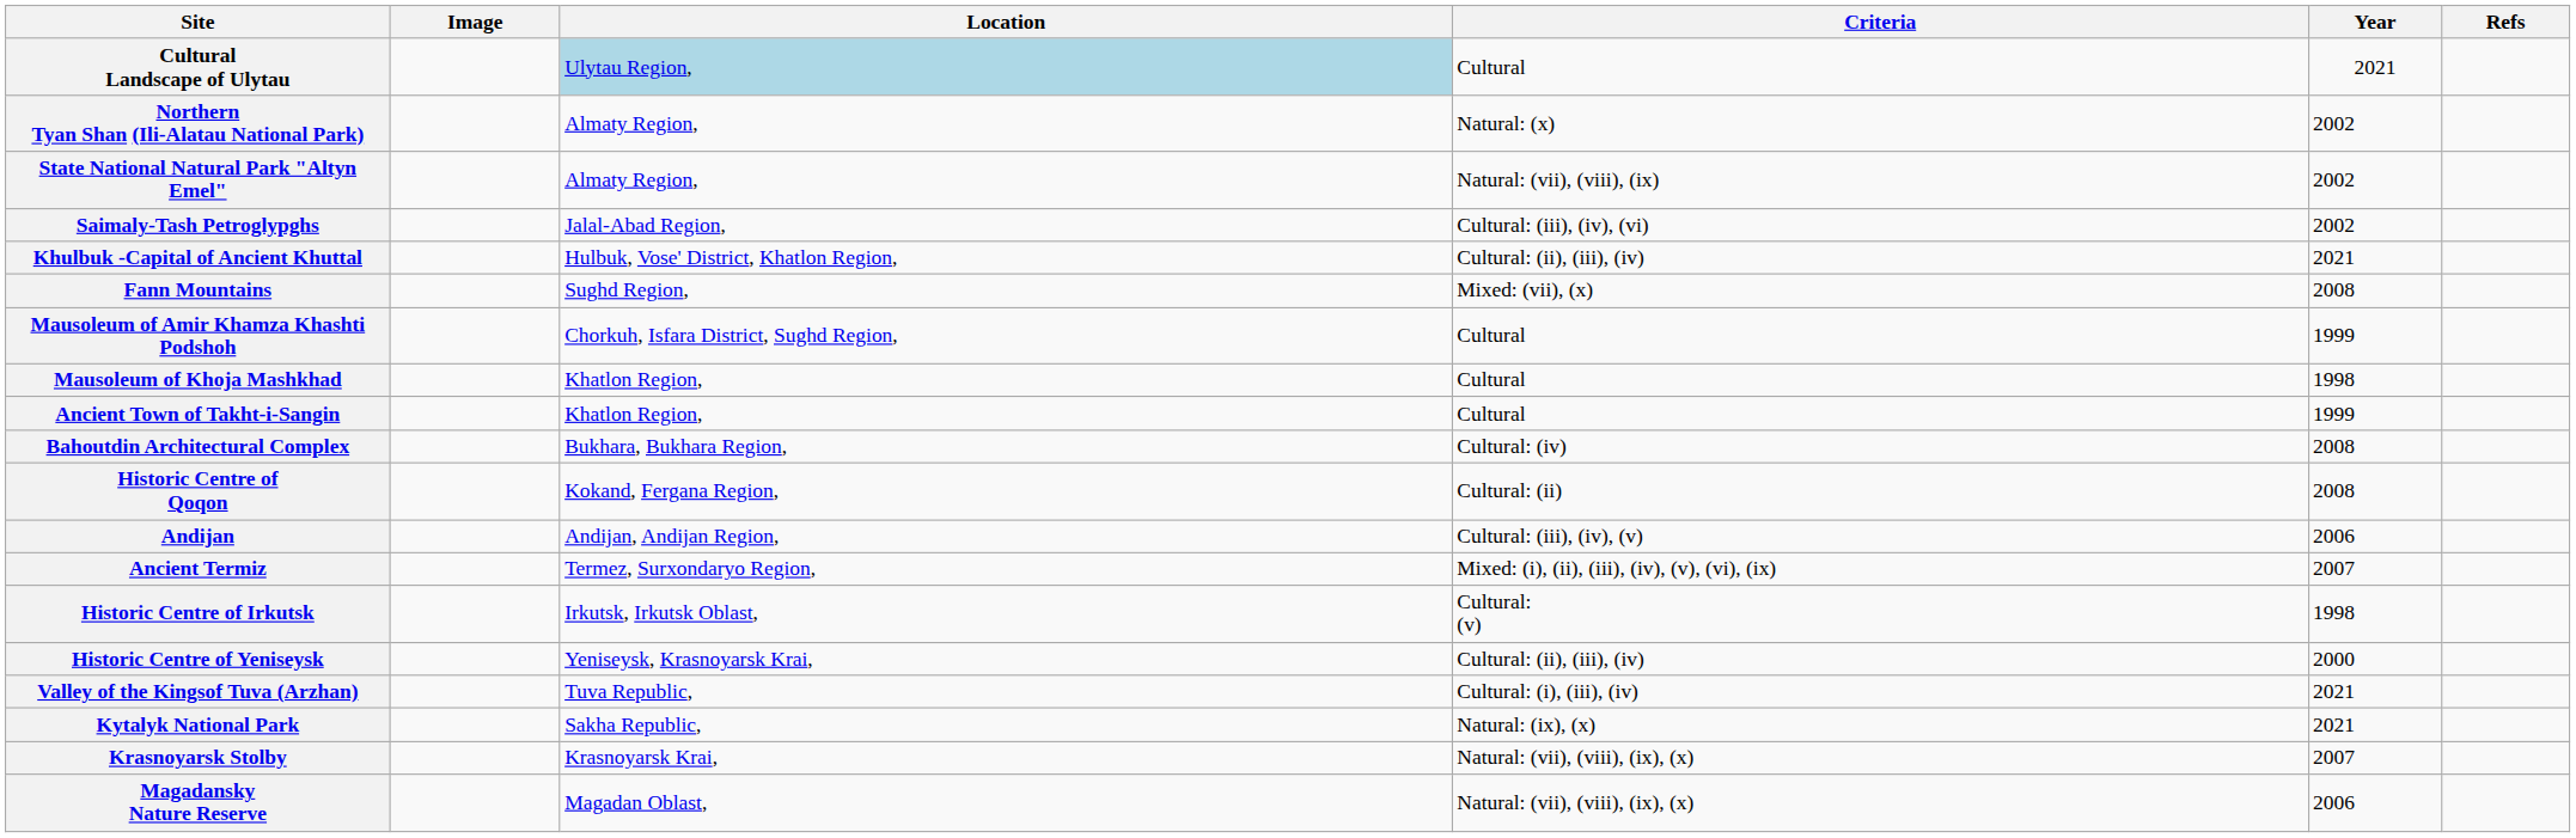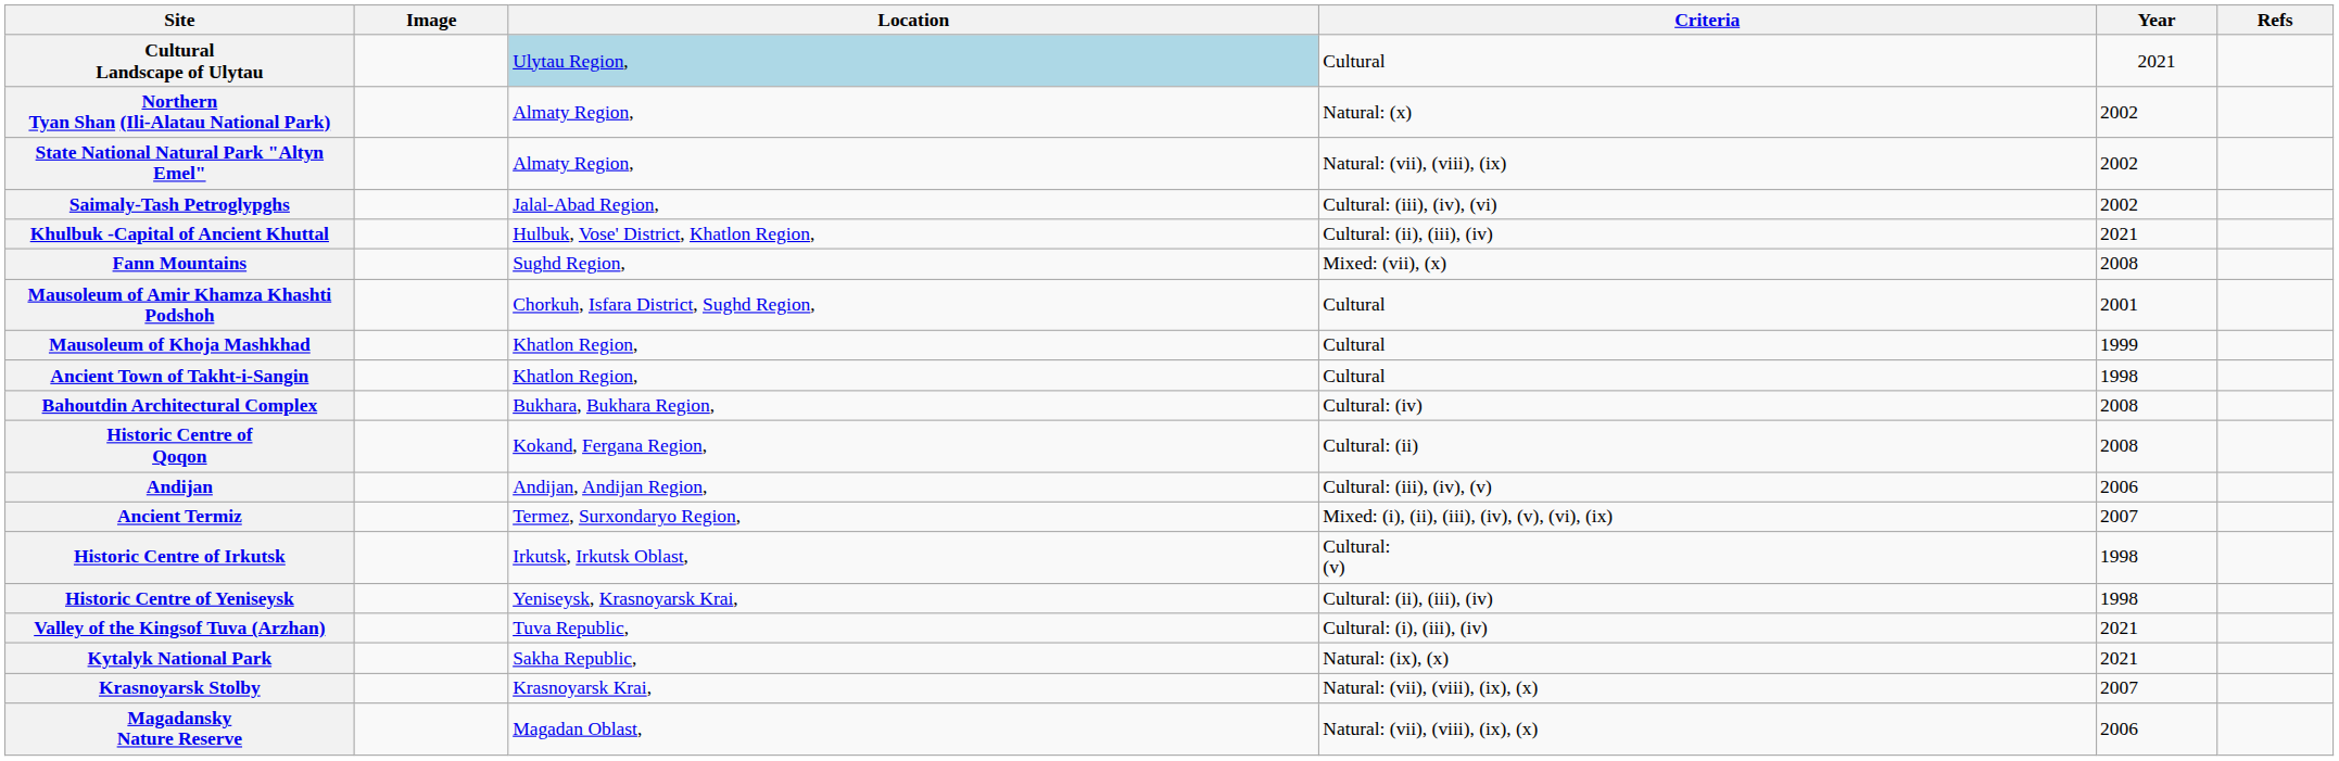 <table class="wikitable sortable plainrowheaders">
 <tr>
 <th style="width:15%;" scope="col">Site</th>
 <th class="unsortable" scope="col">Image</th>
 <th scope="col">Location</th>
 <th scope="col"><a href='#'>Criteria</a></th>
 <th scope="col">Year</th>
 <th scope="col" class="unsortable">Refs</th>
 </tr>
 <tr>
 <th scope="row">Cultural<br>Landscape of Ulytau</th>
 <td></td>
 <td style="background: lightblue;"><a href='#'>Ulytau Region</a>, </td>
 <td>Cultural</td>
 <td align="center">2021</td>
 <td></td>
 </tr>
 <tr>
 <th><a href='#'>Northern</a><br><a href='#'>Tyan Shan</a> <a href='#'>(Ili-Alatau National Park)</a></th>
 <td></td>
 <td><a href='#'>Almaty Region</a>, </td>
 <td>Natural: (x)</td>
 <td>2002</td>
 <td></td>
 </tr>
 <tr>
 <th><a href='#'>State National Natural Park "Altyn Emel"</a></th>
 <td></td>
 <td><a href='#'>Almaty Region</a>, </td>
 <td>Natural: (vii), (viii), (ix)</td>
 <td>2002</td>
 <td></td>
 </tr>
 <tr>
 <th><a href='#'>Saimaly-Tash Petroglypghs</a></th>
 <td></td>
 <td><a href='#'>Jalal-Abad Region</a>, </td>
 <td>Cultural: (iii), (iv), (vi)</td>
 <td>2002</td>
 <td></td>
 </tr>
 <tr>
 <th><a href='#'>Khulbuk -Capital of Ancient Khuttal</a></th>
 <td></td>
 <td><a href='#'>Hulbuk</a>, <a href='#'>Vose' District</a>, <a href='#'>Khatlon Region</a>, </td>
 <td>Cultural: (ii), (iii), (iv)</td>
 <td>2021</td>
 <td></td>
 </tr>
 <tr>
 <th><a href='#'>Fann Mountains</a></th>
 <td></td>
 <td><a href='#'>Sughd Region</a>, </td>
 <td>Mixed: (vii), (x)</td>
 <td>2008</td>
 <td></td>
 </tr>
 <tr>
 <th><a href='#'>Mausoleum of Amir Khamza Khashti Podshoh</a></th>
 <td></td>
 <td><a href='#'>Chorkuh</a>, <a href='#'>Isfara District</a>, <a href='#'>Sughd Region</a>, </td>
 <td>Cultural</td>
-<td>1999</td>
+<td>2001</td>
 <td></td>
 </tr>
 <tr>
 <th><a href='#'>Mausoleum of Khoja Mashkhad</a></th>
 <td></td>
 <td><a href='#'>Khatlon Region</a>, </td>
 <td>Cultural</td>
-<td>1998</td>
+<td>1999</td>
 <td></td>
 </tr>
 <tr>
 <th><a href='#'>Ancient Town of Takht-i-Sangin</a></th>
 <td></td>
 <td><a href='#'>Khatlon Region</a>, </td>
 <td>Cultural</td>
-<td>1999</td>
+<td>1998</td>
 <td></td>
 </tr>
 <tr>
 <th><a href='#'>Bahoutdin Architectural Complex</a></th>
 <td></td>
 <td><a href='#'>Bukhara</a>, <a href='#'>Bukhara Region</a>, </td>
 <td>Cultural: (iv)</td>
 <td>2008</td>
 <td></td>
 </tr>
 <tr>
 <th><a href='#'>Historic Centre of</a><br><a href='#'>Qoqon</a></th>
 <td></td>
 <td><a href='#'>Kokand</a>, <a href='#'>Fergana Region</a>, </td>
 <td>Cultural: (ii)</td>
 <td>2008</td>
 <td></td>
 </tr>
 <tr>
 <th><a href='#'>Andijan</a></th>
 <td></td>
 <td><a href='#'>Andijan</a>, <a href='#'>Andijan Region</a>, </td>
 <td>Cultural: (iii), (iv), (v)</td>
 <td>2006</td>
 <td></td>
 </tr>
 <tr>
 <th><a href='#'>Ancient Termiz</a></th>
 <td></td>
 <td><a href='#'>Termez</a>, <a href='#'>Surxondaryo Region</a>, </td>
 <td>Mixed: (i), (ii), (iii), (iv), (v), (vi), (ix)</td>
 <td>2007</td>
 <td></td>
 </tr>
 <tr>
 <th><a href='#'>Historic Centre of Irkutsk</a></th>
 <td></td>
 <td><a href='#'>Irkutsk</a>, <a href='#'>Irkutsk Oblast</a>, </td>
 <td>Cultural:<br>(v)</td>
 <td>1998</td>
 <td></td>
 </tr>
 <tr>
 <th><a href='#'>Historic Centre of Yeniseysk</a></th>
 <td></td>
 <td><a href='#'>Yeniseysk</a>, <a href='#'>Krasnoyarsk Krai</a>, </td>
 <td>Cultural: (ii), (iii), (iv)</td>
-<td>2000</td>
+<td>1998</td>
 <td></td>
 </tr>
 <tr>
 <th><a href='#'>Valley of the Kingsof Tuva (Arzhan)</a></th>
 <td></td>
 <td><a href='#'>Tuva Republic</a>, </td>
 <td>Cultural: (i), (iii), (iv)</td>
 <td>2021</td>
 <td></td>
 </tr>
 <tr>
 <th><a href='#'>Kytalyk National Park</a></th>
 <td></td>
 <td><a href='#'>Sakha Republic</a>, </td>
 <td>Natural: (ix), (x)</td>
 <td>2021</td>
 <td></td>
 </tr>
 <tr>
 <th><a href='#'>Krasnoyarsk Stolby</a></th>
 <td></td>
 <td><a href='#'>Krasnoyarsk Krai</a>, </td>
 <td>Natural: (vii), (viii), (ix), (x)</td>
 <td>2007</td>
 <td></td>
 </tr>
 <tr>
 <th><a href='#'>Magadansky</a><br><a href='#'>Nature Reserve</a></th>
 <td></td>
 <td><a href='#'>Magadan Oblast</a>, </td>
 <td>Natural: (vii), (viii), (ix), (x)</td>
 <td>2006</td>
 <td></td>
 </tr>
 </table>
